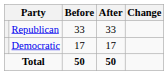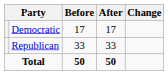 <table class="wikitable" style="text-align:center;">
 <tr>
 <th colspan="2">Party</th>
 <th>Before</th>
 <th>After</th>
 <th>Change</th>
 </tr>
 <tr>
 <th style="background-color:"></th>
-<td style="text-align:left;"><a href='#'>Republican</a></td>
-<td>33</td>
-<td>33</td>
+<td style="text-align:left;"><a href='#'>Democratic</a></td>
+<td>17</td>
+<td>17</td>
 <td></td>
 </tr>
 <tr>
 <th style="background-color:"></th>
-<td style="text-align:left;"><a href='#'>Democratic</a></td>
-<td>17</td>
-<td>17</td>
+<td style="text-align:left;"><a href='#'>Republican</a></td>
+<td>33</td>
+<td>33</td>
 <td></td>
 </tr>
 <tr>
 <td colspan="2"><strong>Total</strong></td>
 <td><strong>50</strong></td>
 <td><strong>50</strong></td>
 <td></td>
 </tr>
 </table>
